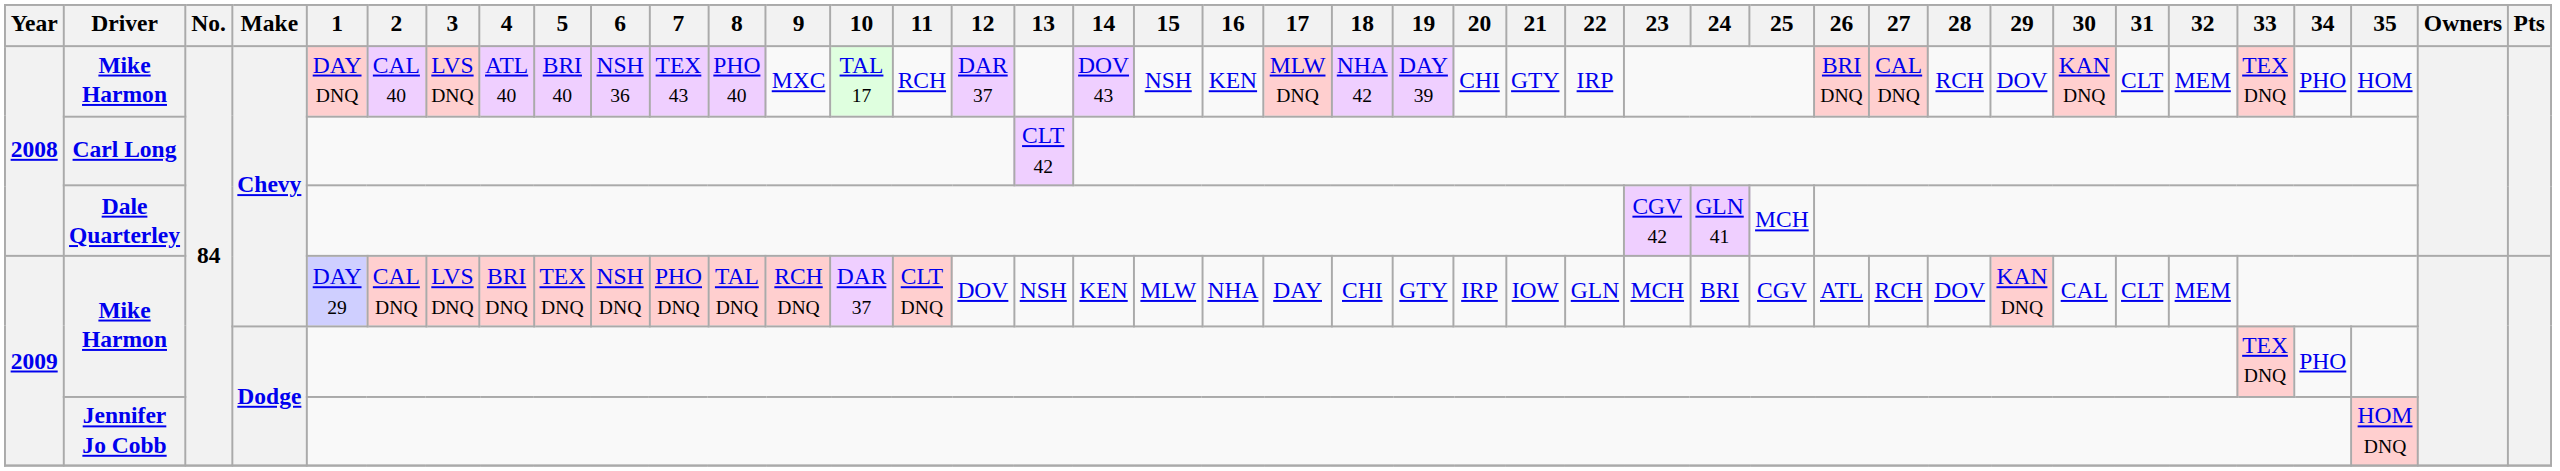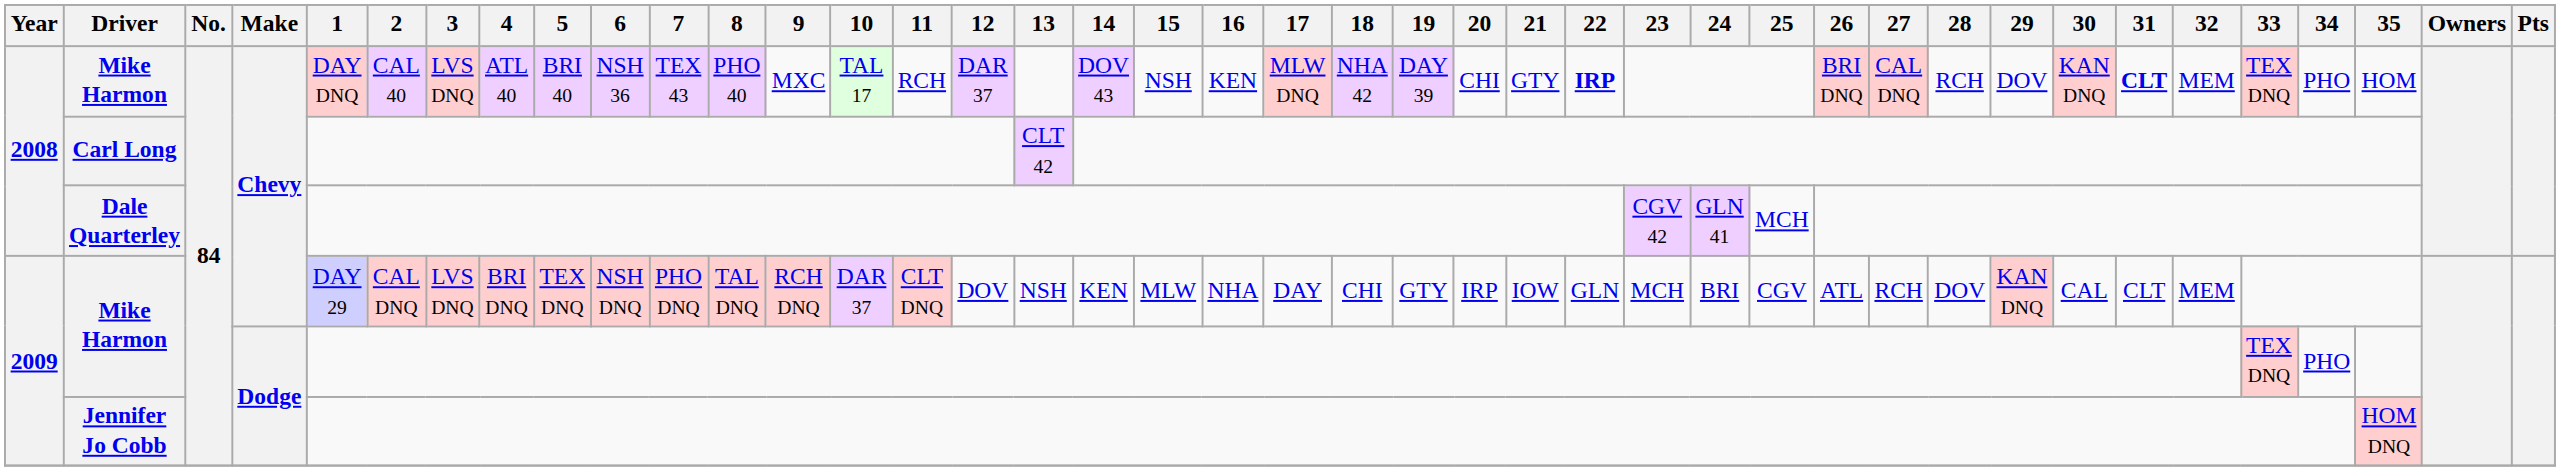 <table class="wikitable" style="text-align:center; font-size:75%">
 <tr>
 <th>Year</th>
 <th>Driver</th>
 <th>No.</th>
 <th>Make</th>
 <th>1</th>
 <th>2</th>
 <th>3</th>
 <th>4</th>
 <th>5</th>
 <th>6</th>
 <th>7</th>
 <th>8</th>
 <th>9</th>
 <th>10</th>
 <th>11</th>
 <th>12</th>
 <th>13</th>
 <th>14</th>
 <th>15</th>
 <th>16</th>
 <th>17</th>
 <th>18</th>
 <th>19</th>
 <th>20</th>
 <th>21</th>
 <th>22</th>
 <th>23</th>
 <th>24</th>
 <th>25</th>
 <th>26</th>
 <th>27</th>
 <th>28</th>
 <th>29</th>
 <th>30</th>
 <th>31</th>
 <th>32</th>
 <th>33</th>
 <th>34</th>
 <th>35</th>
 <th>Owners</th>
 <th>Pts</th>
 </tr>
 <tr>
 <th Rowspan=3><a href='#'>2008</a></th>
 <th><a href='#'>Mike Harmon</a></th>
 <th Rowspan=6>84</th>
 <th Rowspan=4><a href='#'>Chevy</a></th>
 <td style="background:#FFCFCF;"><a href='#'>DAY</a><br><small>DNQ</small></td>
 <td style="background:#EFCFFF;"><a href='#'>CAL</a><br><small>40</small></td>
 <td style="background:#FFCFCF;"><a href='#'>LVS</a><br><small>DNQ</small></td>
 <td style="background:#EFCFFF;"><a href='#'>ATL</a><br><small>40</small></td>
 <td style="background:#EFCFFF;"><a href='#'>BRI</a><br><small>40</small></td>
 <td style="background:#EFCFFF;"><a href='#'>NSH</a><br><small>36</small></td>
 <td style="background:#EFCFFF;"><a href='#'>TEX</a><br><small>43</small></td>
 <td style="background:#EFCFFF;"><a href='#'>PHO</a><br><small>40</small></td>
 <td><a href='#'>MXC</a></td>
 <td style="background:#DFFFDF;"><a href='#'>TAL</a><br><small>17</small></td>
 <td><a href='#'>RCH</a></td>
 <td style="background:#EFCFFF;"><a href='#'>DAR</a><br><small>37</small></td>
 <td></td>
 <td style="background:#EFCFFF;"><a href='#'>DOV</a><br><small>43</small></td>
 <td><a href='#'>NSH</a></td>
 <td><a href='#'>KEN</a></td>
 <td style="background:#FFCFCF;"><a href='#'>MLW</a><br><small>DNQ</small></td>
 <td style="background:#EFCFFF;"><a href='#'>NHA</a><br><small>42</small></td>
 <td style="background:#EFCFFF;"><a href='#'>DAY</a><br><small>39</small></td>
 <td><a href='#'>CHI</a></td>
 <td><a href='#'>GTY</a></td>
-<td><a href='#'>IRP</a></td>
+<td><strong><a href='#'>IRP</a></strong></td>
 <td colspan=3></td>
 <td style="background:#FFCFCF;"><a href='#'>BRI</a><br><small>DNQ</small></td>
 <td style="background:#FFCFCF;"><a href='#'>CAL</a><br><small>DNQ</small></td>
 <td><a href='#'>RCH</a></td>
 <td><a href='#'>DOV</a></td>
 <td style="background:#FFCFCF;"><a href='#'>KAN</a><br><small>DNQ</small></td>
-<td><a href='#'>CLT</a></td>
+<td><strong><a href='#'>CLT</a></strong></td>
 <td><a href='#'>MEM</a></td>
 <td style="background:#FFCFCF;"><a href='#'>TEX</a><br><small>DNQ</small></td>
 <td><a href='#'>PHO</a></td>
 <td><a href='#'>HOM</a></td>
 <th Rowspan=3></th>
 <th Rowspan=3></th>
 </tr>
 <tr>
 <th><a href='#'>Carl Long</a></th>
 <td colspan=12></td>
 <td style="background:#EFCFFF;"><a href='#'>CLT</a><br><small>42</small></td>
 <td colspan=22></td>
 </tr>
 <tr>
 <th><a href='#'>Dale Quarterley</a></th>
 <td colspan=22></td>
 <td style="background:#EFCFFF;"><a href='#'>CGV</a><br><small>42</small></td>
 <td style="background:#EFCFFF;"><a href='#'>GLN</a><br><small>41</small></td>
 <td><a href='#'>MCH</a></td>
 <td colspan=10></td>
 </tr>
 <tr>
 <th Rowspan=3><a href='#'>2009</a></th>
 <th Rowspan=2><a href='#'>Mike Harmon</a></th>
 <td bgcolor="#CFCFFF"><a href='#'>DAY</a><br><small>29</small></td>
 <td bgcolor="#FFCFCF"><a href='#'>CAL</a><br><small>DNQ</small></td>
 <td bgcolor="#FFCFCF"><a href='#'>LVS</a><br><small>DNQ</small></td>
 <td bgcolor="#FFCFCF"><a href='#'>BRI</a><br><small>DNQ</small></td>
 <td bgcolor="#FFCFCF"><a href='#'>TEX</a><br><small>DNQ</small></td>
 <td bgcolor="#FFCFCF"><a href='#'>NSH</a><br><small>DNQ</small></td>
 <td bgcolor="#FFCFCF"><a href='#'>PHO</a><br><small>DNQ</small></td>
 <td bgcolor="#FFCFCF"><a href='#'>TAL</a><br><small>DNQ</small></td>
 <td bgcolor="#FFCFCF"><a href='#'>RCH</a><br><small>DNQ</small></td>
 <td bgcolor="#EFCFFF"><a href='#'>DAR</a><br><small>37</small></td>
 <td bgcolor="#FFCFCF"><a href='#'>CLT</a><br><small>DNQ</small></td>
 <td><a href='#'>DOV</a></td>
 <td><a href='#'>NSH</a></td>
 <td><a href='#'>KEN</a></td>
 <td><a href='#'>MLW</a></td>
 <td><a href='#'>NHA</a></td>
 <td><a href='#'>DAY</a></td>
 <td><a href='#'>CHI</a></td>
 <td><a href='#'>GTY</a></td>
 <td><a href='#'>IRP</a></td>
 <td><a href='#'>IOW</a></td>
 <td><a href='#'>GLN</a></td>
 <td><a href='#'>MCH</a></td>
 <td><a href='#'>BRI</a></td>
 <td><a href='#'>CGV</a></td>
 <td><a href='#'>ATL</a></td>
 <td><a href='#'>RCH</a></td>
 <td><a href='#'>DOV</a></td>
 <td style="background:#FFCFCF;"><a href='#'>KAN</a><br><small>DNQ</small></td>
 <td><a href='#'>CAL</a></td>
 <td><a href='#'>CLT</a></td>
 <td><a href='#'>MEM</a></td>
 <td colspan=3></td>
 <th rowspan=3></th>
 <th rowspan=3></th>
 </tr>
 <tr>
 <th Rowspan=2><a href='#'>Dodge</a></th>
 <td colspan=32></td>
 <td bgcolor="#FFCFCF"><a href='#'>TEX</a><br><small>DNQ</small></td>
 <td><a href='#'>PHO</a></td>
 <td></td>
 </tr>
 <tr>
 <th><a href='#'>Jennifer Jo Cobb</a></th>
 <td colspan=34></td>
 <td style="background:#FFCFCF;"><a href='#'>HOM</a><br><small>DNQ</small></td>
 </tr>
 <tr>
 </tr>
 </table>
